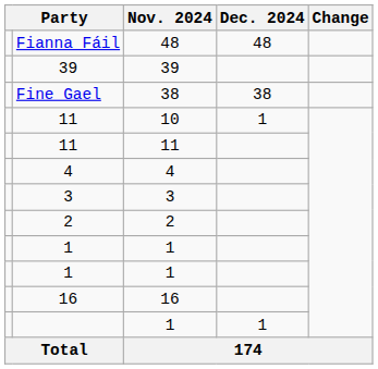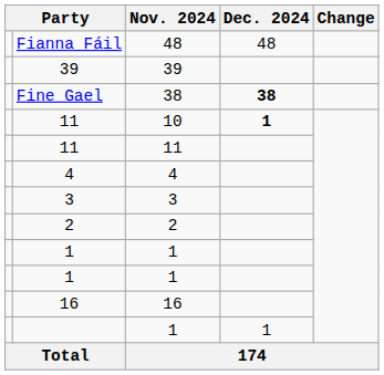 <table class="wikitable sortable">
 <tr>
 <th colspan="2">Party</th>
 <th>Nov. 2024</th>
 <th>Dec. 2024</th>
 <th class="unsortable">Change</th>
 </tr>
 <tr>
 <td style="background-color: "></td>
 <td><a href='#'>Fianna Fáil</a></td>
 <td align="center">48</td>
 <td align="center">48</td>
 <td align="center"></td>
 </tr>
 <tr>
 <td></td>
 <td align="center">39</td>
 <td align="center">39</td>
 <td align="center"></td>
 </tr>
 <tr>
 <td style="background-color: "></td>
 <td><a href='#'>Fine Gael</a></td>
 <td align="center">38</td>
-<td align="center">38</td>
+<td align="center"><strong>38</strong></td>
 <td align="center"></td>
 </tr>
 <tr>
 <td></td>
 <td align="center">11</td>
 <td align="center">10</td>
-<td align="center"> 1</td>
+<td align="center"><strong> 1</strong></td>
 </tr>
 <tr>
 <td></td>
 <td align="center">11</td>
 <td align="center">11</td>
 <td align="center"></td>
 </tr>
 <tr>
 <td></td>
 <td align="center">4</td>
 <td align="center">4</td>
 <td align="center"></td>
 </tr>
 <tr>
 <td></td>
 <td align="center">3</td>
 <td align="center">3</td>
 <td align="center"></td>
 </tr>
 <tr>
 <td></td>
 <td align="center">2</td>
 <td align="center">2</td>
 <td align="center"></td>
 </tr>
 <tr>
 <td></td>
 <td align="center">1</td>
 <td align="center">1</td>
 <td align="center"></td>
 </tr>
 <tr>
 <td></td>
 <td align="center">1</td>
 <td align="center">1</td>
 <td align="center"></td>
 </tr>
 <tr>
 <td></td>
 <td align="center">16</td>
 <td align="center">16</td>
 <td align="center"></td>
 </tr>
 <tr>
 <td></td>
 <td></td>
 <td align="center">1</td>
 <td align="center"> 1</td>
 </tr>
 <tr>
 <th colspan=2>Total</th>
 <th colspan=3>174</th>
 </tr>
 </table>
